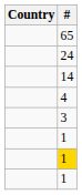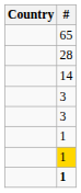 <table class="wikitable sortable">
 <tr>
 <th>Country</th>
 <th>#</th>
 </tr>
 <tr>
 <td></td>
 <td>65</td>
 </tr>
 <tr>
 <td></td>
-<td>24</td>
+<td>28</td>
 </tr>
 <tr>
 <td></td>
 <td>14</td>
 </tr>
 <tr>
 <td></td>
-<td>4</td>
+<td>3</td>
 </tr>
 <tr>
 <td></td>
 <td>3</td>
 </tr>
 <tr>
 <td></td>
 <td>1</td>
 </tr>
 <tr>
 <td></td>
 <td style="background: gold;">1</td>
 </tr>
 <tr>
 <td></td>
-<td>1</td>
+<td><strong>1</strong></td>
 </tr>
 </table>
